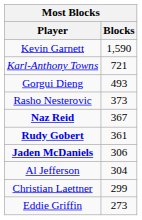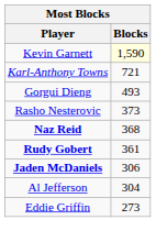 <table class="wikitable sortable" style="text-align:center">
 <tr>
 <th colspan="2" style="text-align:center; ">Most Blocks</th>
 </tr>
 <tr>
 <th style="text-align:center; ">Player</th>
 <th style="text-align:center; ">Blocks</th>
 </tr>
 <tr>
 <td><a href='#'>Kevin Garnett</a></td>
-<td>1,590</td>
+<td style="background: lightyellow;">1,590</td>
 </tr>
 <tr>
 <td><em><a href='#'>Karl-Anthony Towns</a></em></td>
 <td>721</td>
 </tr>
 <tr>
 <td><a href='#'>Gorgui Dieng</a></td>
 <td>493</td>
 </tr>
 <tr>
 <td><a href='#'>Rasho Nesterovic</a></td>
 <td>373</td>
 </tr>
 <tr>
 <td><strong><a href='#'>Naz Reid</a></strong></td>
-<td>367</td>
+<td>368</td>
 </tr>
 <tr>
 <td><strong><a href='#'>Rudy Gobert</a></strong></td>
 <td>361</td>
 </tr>
 <tr>
 <td><strong><a href='#'>Jaden McDaniels</a></strong></td>
 <td>306</td>
 </tr>
 <tr>
 <td><a href='#'>Al Jefferson</a></td>
 <td>304</td>
 </tr>
 <tr>
-<td><a href='#'>Christian Laettner</a></td>
-<td>299</td>
-</tr>
-<tr>
 <td><a href='#'>Eddie Griffin</a></td>
 <td>273</td>
 </tr>
 </table>
